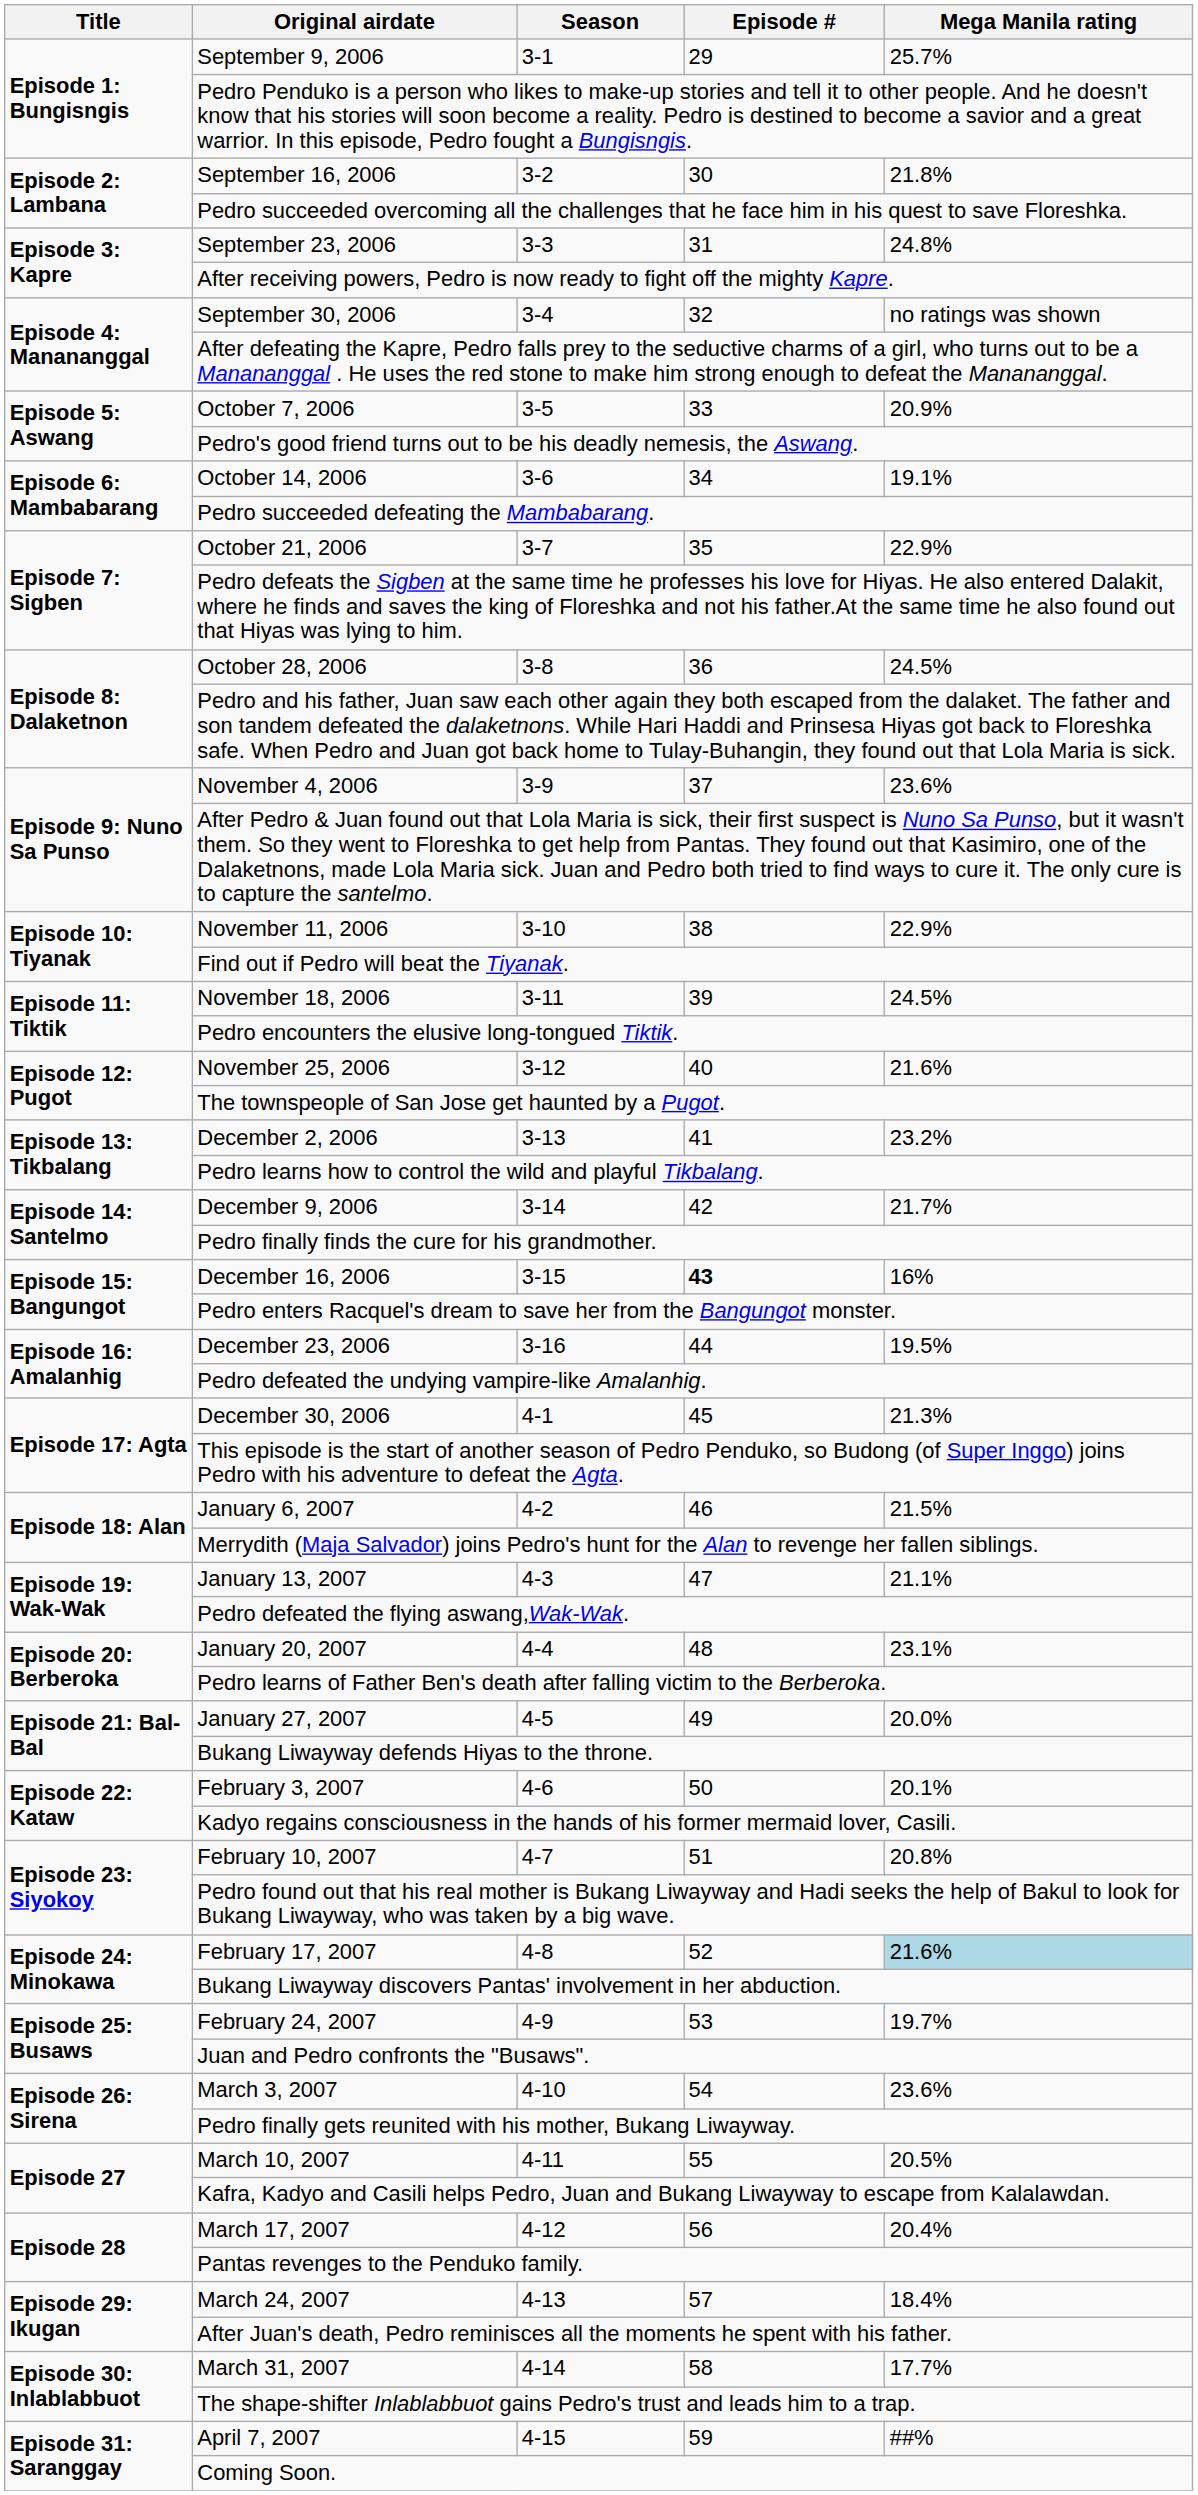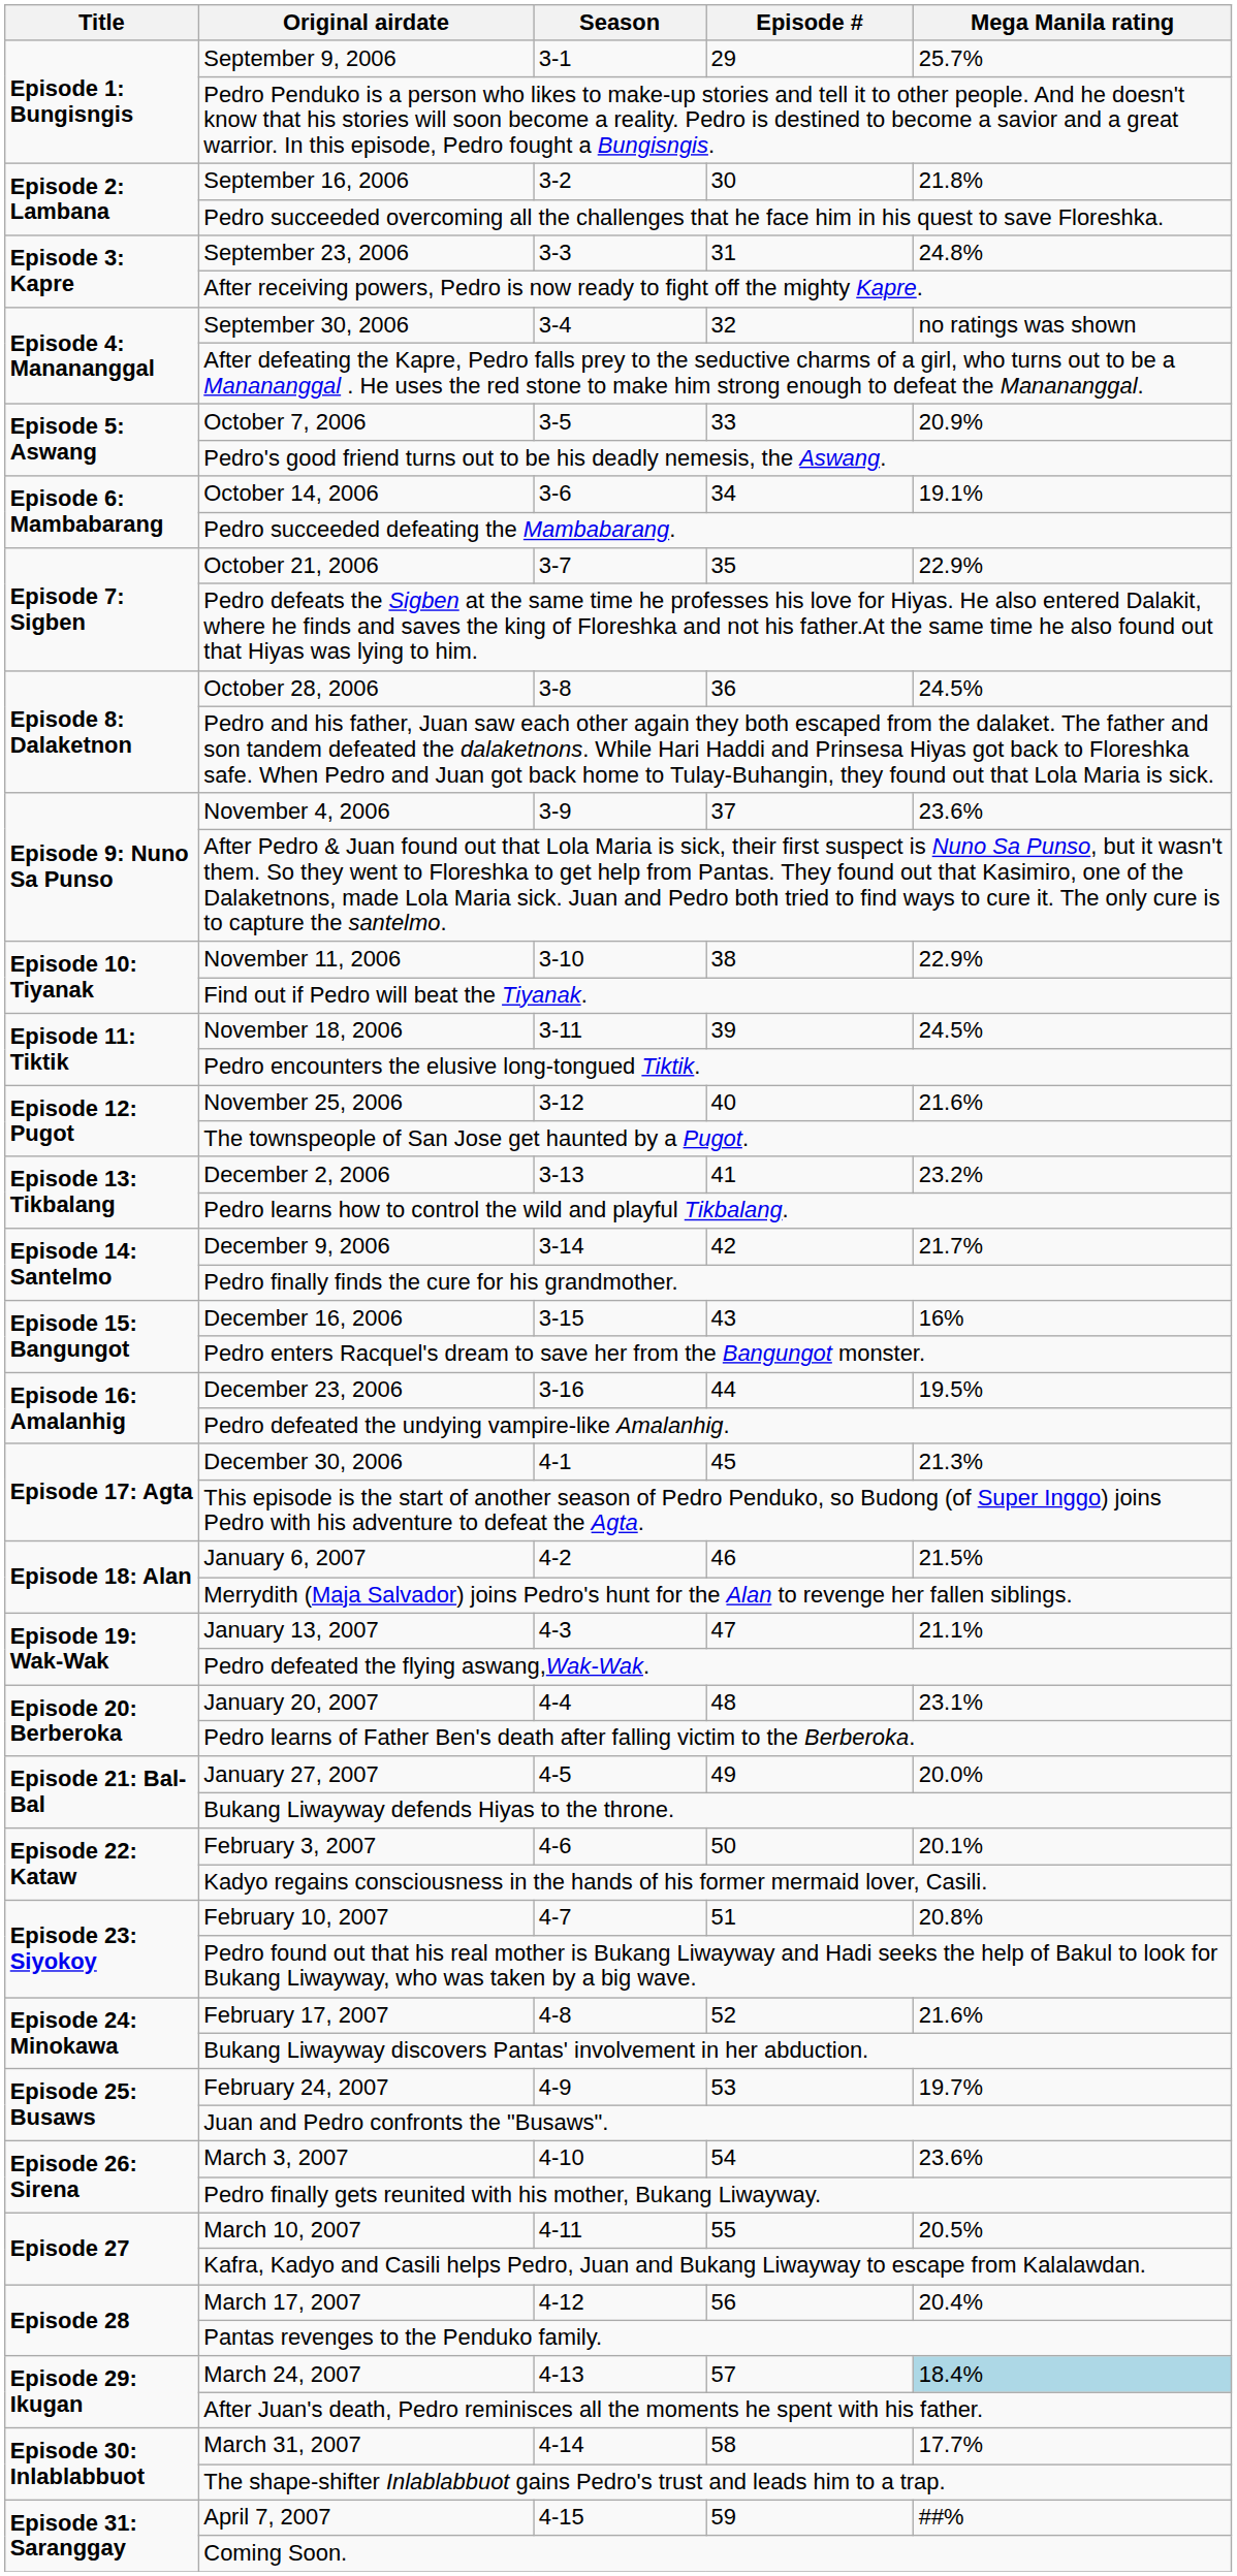 <table class="wikitable">
 <tr>
 <th>Title</th>
 <th>Original airdate</th>
 <th>Season</th>
 <th>Episode #</th>
 <th>Mega Manila rating</th>
 </tr>
 <tr>
 <td rowspan="2"><strong>Episode 1: Bungisngis</strong></td>
 <td>September 9, 2006</td>
 <td>3-1</td>
 <td>29</td>
 <td>25.7%</td>
 </tr>
 <tr>
 <td colspan="5">Pedro Penduko is a person who likes to make-up stories and tell it to other people. And he doesn't know that his stories will soon become a reality. Pedro is destined to become a savior and a great warrior. In this episode, Pedro fought a <em><a href='#'>Bungisngis</a></em>.</td>
 </tr>
 <tr>
 <td rowspan="2"><strong>Episode 2: Lambana</strong></td>
 <td>September 16, 2006</td>
 <td>3-2</td>
 <td>30</td>
 <td>21.8%</td>
 </tr>
 <tr>
 <td colspan="5">Pedro succeeded overcoming all the challenges that he face him in his quest to save Floreshka.</td>
 </tr>
 <tr>
 <td rowspan="2"><strong>Episode 3: Kapre</strong></td>
 <td>September 23, 2006</td>
 <td>3-3</td>
 <td>31</td>
 <td>24.8%</td>
 </tr>
 <tr>
 <td colspan="5">After receiving powers, Pedro is now ready to fight off the mighty <em><a href='#'>Kapre</a></em>.</td>
 </tr>
 <tr>
 <td rowspan="2"><strong>Episode 4: Manananggal</strong></td>
 <td>September 30, 2006</td>
 <td>3-4</td>
 <td>32</td>
 <td>no ratings was shown</td>
 </tr>
 <tr>
 <td colspan="5">After defeating the Kapre, Pedro falls prey to the seductive charms of a girl, who turns out to be a <em><a href='#'>Manananggal</a></em> . He uses the red stone to make him strong enough to defeat the <em>Manananggal</em>.</td>
 </tr>
 <tr>
 <td rowspan="2"><strong>Episode 5: Aswang</strong></td>
 <td>October 7, 2006</td>
 <td>3-5</td>
 <td>33</td>
 <td>20.9%</td>
 </tr>
 <tr>
 <td colspan="5">Pedro's good friend turns out to be his deadly nemesis, the <em><a href='#'>Aswang</a></em>.</td>
 </tr>
 <tr>
 <td rowspan="2"><strong>Episode 6: Mambabarang</strong></td>
 <td>October 14, 2006</td>
 <td>3-6</td>
 <td>34</td>
 <td>19.1%</td>
 </tr>
 <tr>
 <td colspan="5">Pedro succeeded defeating the <em><a href='#'>Mambabarang</a></em>.</td>
 </tr>
 <tr>
 <td rowspan="2"><strong>Episode 7: Sigben</strong></td>
 <td>October 21, 2006</td>
 <td>3-7</td>
 <td>35</td>
 <td>22.9%</td>
 </tr>
 <tr>
 <td colspan="5">Pedro defeats the <em><a href='#'>Sigben</a></em> at the same time he professes his love for Hiyas. He also entered Dalakit, where he finds and saves the king of Floreshka and not his father.At the same time he also found out that Hiyas was lying to him.</td>
 </tr>
 <tr>
 <td rowspan="2"><strong>Episode 8: Dalaketnon</strong></td>
 <td>October 28, 2006</td>
 <td>3-8</td>
 <td>36</td>
 <td>24.5%</td>
 </tr>
 <tr>
 <td colspan="5">Pedro and  his father, Juan saw each other again they both escaped from the dalaket. The father and son tandem defeated the <em>dalaketnons</em>. While Hari Haddi and Prinsesa Hiyas got back to Floreshka safe. When Pedro and Juan got back home to Tulay-Buhangin, they found out that Lola Maria is sick.</td>
 </tr>
 <tr>
 <td rowspan="2"><strong>Episode 9: Nuno Sa Punso</strong></td>
 <td>November 4, 2006</td>
 <td>3-9</td>
 <td>37</td>
 <td>23.6%</td>
 </tr>
 <tr>
 <td colspan="5">After Pedro & Juan found out that Lola Maria is sick, their first suspect is <em><a href='#'>Nuno Sa Punso</a></em>, but it wasn't them. So they went to Floreshka to get help from Pantas. They found out that Kasimiro, one of the Dalaketnons, made Lola Maria sick. Juan and Pedro both tried to find ways to cure it. The only cure is to capture the <em>santelmo</em>.</td>
 </tr>
 <tr>
 <td rowspan="2"><strong>Episode 10: Tiyanak</strong></td>
 <td>November 11, 2006</td>
 <td>3-10</td>
 <td>38</td>
 <td>22.9%</td>
 </tr>
 <tr>
 <td colspan="5">Find out if Pedro will beat the <em><a href='#'>Tiyanak</a></em>.</td>
 </tr>
 <tr>
 <td rowspan="2"><strong>Episode 11: Tiktik</strong></td>
 <td>November 18, 2006</td>
 <td>3-11</td>
 <td>39</td>
 <td>24.5%</td>
 </tr>
 <tr>
 <td colspan="5">Pedro encounters the elusive long-tongued <em><a href='#'>Tiktik</a></em>.</td>
 </tr>
 <tr>
 <td rowspan="2"><strong>Episode 12: Pugot</strong></td>
 <td>November 25, 2006</td>
 <td>3-12</td>
 <td>40</td>
 <td>21.6%</td>
 </tr>
 <tr>
 <td colspan="5">The townspeople of San Jose get haunted by a <em><a href='#'>Pugot</a></em>.</td>
 </tr>
 <tr>
 <td rowspan="2"><strong>Episode 13: Tikbalang</strong></td>
 <td>December 2, 2006</td>
 <td>3-13</td>
 <td>41</td>
 <td>23.2%</td>
 </tr>
 <tr>
 <td colspan="5">Pedro learns how to control the wild and playful <em><a href='#'>Tikbalang</a></em>.</td>
 </tr>
 <tr>
 <td rowspan="2"><strong>Episode 14: Santelmo</strong></td>
 <td>December 9, 2006</td>
 <td>3-14</td>
 <td>42</td>
 <td>21.7%</td>
 </tr>
 <tr>
 <td colspan="5">Pedro finally finds the cure for his grandmother.</td>
 </tr>
 <tr>
 <td rowspan="2"><strong>Episode 15: Bangungot</strong></td>
 <td>December 16, 2006</td>
 <td>3-15</td>
-<td><strong>43</strong></td>
+<td>43</td>
 <td>16%</td>
 </tr>
 <tr>
 <td colspan="4">Pedro enters Racquel's dream to save her from the <em><a href='#'>Bangungot</a></em> monster.</td>
 </tr>
 <tr>
 <td rowspan="2"><strong>Episode 16: Amalanhig</strong></td>
 <td>December 23, 2006</td>
 <td>3-16</td>
 <td>44</td>
 <td>19.5%</td>
 </tr>
 <tr>
 <td colspan="4">Pedro defeated the undying vampire-like <em>Amalanhig</em>.</td>
 </tr>
 <tr>
 <td rowspan="2"><strong>Episode 17: Agta</strong></td>
 <td>December 30, 2006</td>
 <td>4-1</td>
 <td>45</td>
 <td>21.3%</td>
 </tr>
 <tr>
 <td colspan="4">This episode is the start of another season of Pedro Penduko, so Budong (of <a href='#'>Super Inggo</a>) joins Pedro with his adventure to defeat the <em><a href='#'>Agta</a></em>.</td>
 </tr>
 <tr>
 <td rowspan="2"><strong>Episode 18: Alan</strong></td>
 <td>January 6, 2007</td>
 <td>4-2</td>
 <td>46</td>
 <td>21.5%</td>
 </tr>
 <tr>
 <td colspan="4">Merrydith (<a href='#'>Maja Salvador</a>) joins Pedro's hunt for the <em><a href='#'>Alan</a></em> to revenge her fallen siblings.</td>
 </tr>
 <tr>
 <td rowspan="2"><strong>Episode 19: Wak-Wak</strong></td>
 <td>January 13, 2007</td>
 <td>4-3</td>
 <td>47</td>
 <td>21.1%</td>
 </tr>
 <tr>
 <td colspan="4">Pedro defeated the flying aswang,<em><a href='#'>Wak-Wak</a></em>.</td>
 </tr>
 <tr>
 <td rowspan="2"><strong>Episode 20: Berberoka</strong></td>
 <td>January 20, 2007</td>
 <td>4-4</td>
 <td>48</td>
 <td>23.1%</td>
 </tr>
 <tr>
 <td colspan="4">Pedro learns of Father Ben's death after falling victim to the <em>Berberoka</em>.</td>
 </tr>
 <tr>
 <td rowspan="2"><strong>Episode 21: Bal-Bal</strong></td>
 <td>January 27, 2007</td>
 <td>4-5</td>
 <td>49</td>
 <td>20.0%</td>
 </tr>
 <tr>
 <td colspan="4">Bukang Liwayway defends Hiyas to the throne.</td>
 </tr>
 <tr>
 <td rowspan="2"><strong>Episode 22: Kataw</strong></td>
 <td>February 3, 2007</td>
 <td>4-6</td>
 <td>50</td>
 <td>20.1%</td>
 </tr>
 <tr>
 <td colspan="4">Kadyo regains consciousness in the hands of his former mermaid lover, Casili.</td>
 </tr>
 <tr>
 <td rowspan="2"><strong>Episode 23: <a href='#'>Siyokoy</a></strong></td>
 <td>February 10, 2007</td>
 <td>4-7</td>
 <td>51</td>
 <td>20.8%</td>
 </tr>
 <tr>
 <td colspan="4">Pedro found out that his real mother is Bukang Liwayway and Hadi seeks the help of Bakul to look for Bukang Liwayway, who was taken by a big wave.</td>
 </tr>
 <tr>
 <td rowspan="2"><strong>Episode 24: Minokawa</strong></td>
 <td>February 17, 2007</td>
 <td>4-8</td>
 <td>52</td>
-<td style="background: lightblue;">21.6%</td>
+<td>21.6%</td>
 </tr>
 <tr>
 <td colspan="4">Bukang Liwayway discovers Pantas' involvement in her abduction.</td>
 </tr>
 <tr>
 <td rowspan="2"><strong>Episode 25: Busaws</strong></td>
 <td>February 24, 2007</td>
 <td>4-9</td>
 <td>53</td>
 <td>19.7%</td>
 </tr>
 <tr>
 <td colspan="4">Juan and Pedro confronts the "Busaws".</td>
 </tr>
 <tr>
 <td rowspan="2"><strong>Episode 26: Sirena</strong></td>
 <td>March 3, 2007</td>
 <td>4-10</td>
 <td>54</td>
 <td>23.6%</td>
 </tr>
 <tr>
 <td colspan="4">Pedro finally gets reunited with his mother, Bukang Liwayway.</td>
 </tr>
 <tr>
 <td rowspan="2"><strong>Episode 27</strong></td>
 <td>March 10, 2007</td>
 <td>4-11</td>
 <td>55</td>
 <td>20.5%</td>
 </tr>
 <tr>
 <td colspan="4">Kafra, Kadyo and Casili helps Pedro, Juan and Bukang Liwayway to escape from Kalalawdan.</td>
 </tr>
 <tr>
 <td rowspan="2"><strong>Episode 28</strong></td>
 <td>March 17, 2007</td>
 <td>4-12</td>
 <td>56</td>
 <td>20.4%</td>
 </tr>
 <tr>
 <td colspan="4">Pantas revenges to the Penduko family.</td>
 </tr>
 <tr>
 <td rowspan="2"><strong>Episode 29: Ikugan</strong></td>
 <td>March 24, 2007</td>
 <td>4-13</td>
 <td>57</td>
-<td>18.4%</td>
+<td style="background: lightblue;">18.4%</td>
 </tr>
 <tr>
 <td colspan="4">After Juan's death, Pedro reminisces all the moments he spent with his father.</td>
 </tr>
 <tr>
 <td rowspan="2"><strong>Episode 30: Inlablabbuot</strong></td>
 <td>March 31, 2007</td>
 <td>4-14</td>
 <td>58</td>
 <td>17.7%</td>
 </tr>
 <tr>
 <td colspan="4">The shape-shifter <em>Inlablabbuot</em> gains Pedro's trust and leads him to a trap.</td>
 </tr>
 <tr>
 <td rowspan="2"><strong>Episode 31: Saranggay</strong></td>
 <td>April 7, 2007</td>
 <td>4-15</td>
 <td>59</td>
 <td>##%</td>
 </tr>
 <tr>
 <td colspan="4">Coming Soon.</td>
 </tr>
 <tr>
 </tr>
 </table>
